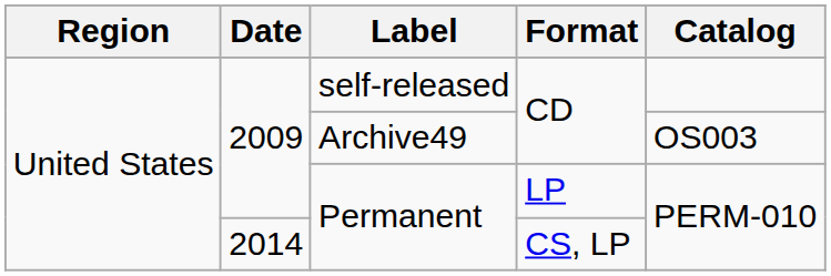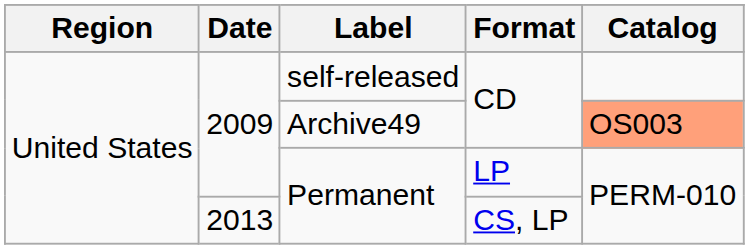 <table class="wikitable">
 <tr>
 <th>Region</th>
 <th>Date</th>
 <th>Label</th>
 <th>Format</th>
 <th>Catalog</th>
 </tr>
 <tr>
 <td rowspan="4">United States</td>
 <td rowspan="3">2009</td>
 <td>self-released</td>
 <td rowspan="2">CD</td>
 <td></td>
 </tr>
 <tr>
 <td>Archive49</td>
-<td>OS003</td>
+<td style="background: lightsalmon;">OS003</td>
 </tr>
 <tr>
 <td rowspan="2">Permanent</td>
 <td><a href='#'>LP</a></td>
 <td rowspan="2">PERM-010</td>
 </tr>
 <tr>
-<td>2014</td>
+<td>2013</td>
 <td><a href='#'>CS</a>, LP</td>
 </tr>
 </table>
